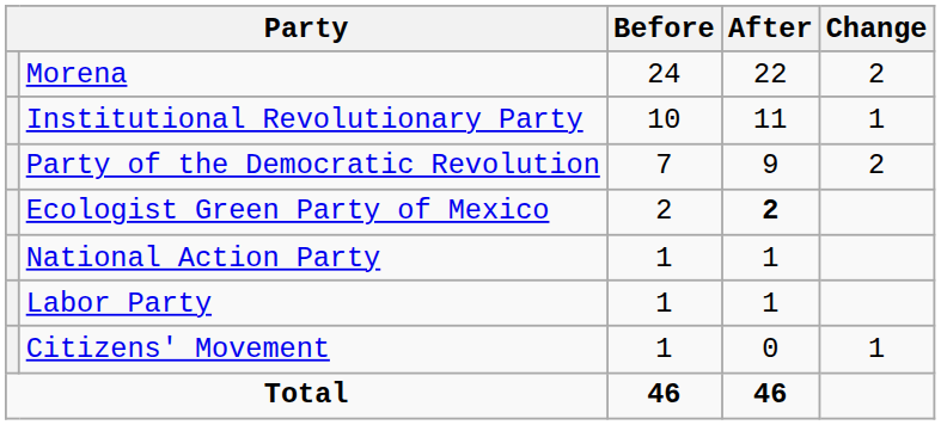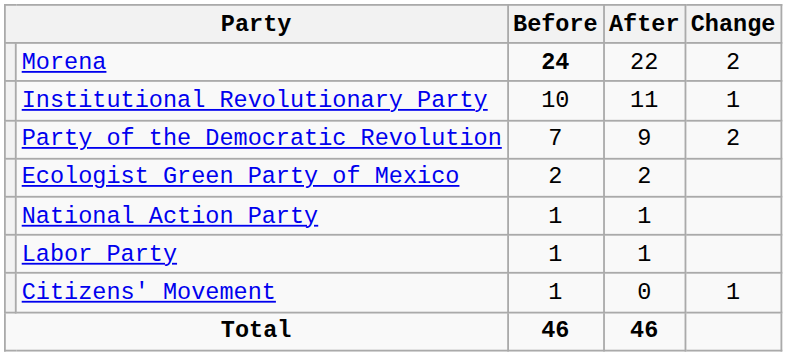 <table class="wikitable" style="text-align:center;">
 <tr>
 <th colspan="2">Party</th>
 <th style="width:3em">Before</th>
 <th style="width:3em">After</th>
 <th style="width:3em">Change</th>
 </tr>
 <tr>
 <th style="background-color:"></th>
 <td style="text-align:left;"><a href='#'>Morena</a></td>
-<td>24</td>
+<td><strong>24</strong></td>
 <td>22</td>
 <td>2</td>
 </tr>
 <tr>
 <th style="background-color:"></th>
 <td style="text-align:left;"><a href='#'>Institutional Revolutionary Party</a></td>
 <td>10</td>
 <td>11</td>
 <td>1</td>
 </tr>
 <tr>
 <th style="background-color:"></th>
 <td style="text-align:left;"><a href='#'>Party of the Democratic Revolution</a></td>
 <td>7</td>
 <td>9</td>
 <td>2</td>
 </tr>
 <tr>
 <th style="background-color:"></th>
 <td style="text-align:left;"><a href='#'>Ecologist Green Party of Mexico</a></td>
 <td>2</td>
-<td><strong>2</strong></td>
+<td>2</td>
 <td></td>
 </tr>
 <tr>
 <th style="background-color:"></th>
 <td style="text-align:left;"><a href='#'>National Action Party</a></td>
 <td>1</td>
 <td>1</td>
 <td></td>
 </tr>
 <tr>
 <th style="background-color:"></th>
 <td style="text-align:left;"><a href='#'>Labor Party</a></td>
 <td>1</td>
 <td>1</td>
 <td></td>
 </tr>
 <tr>
 <th style="background-color:"></th>
 <td style="text-align:left;"><a href='#'>Citizens' Movement</a></td>
 <td>1</td>
 <td>0</td>
 <td>1</td>
 </tr>
 <tr>
 <td colspan="2"><strong>Total</strong></td>
 <td><strong>46</strong></td>
 <td><strong>46</strong></td>
 <td></td>
 </tr>
 </table>
